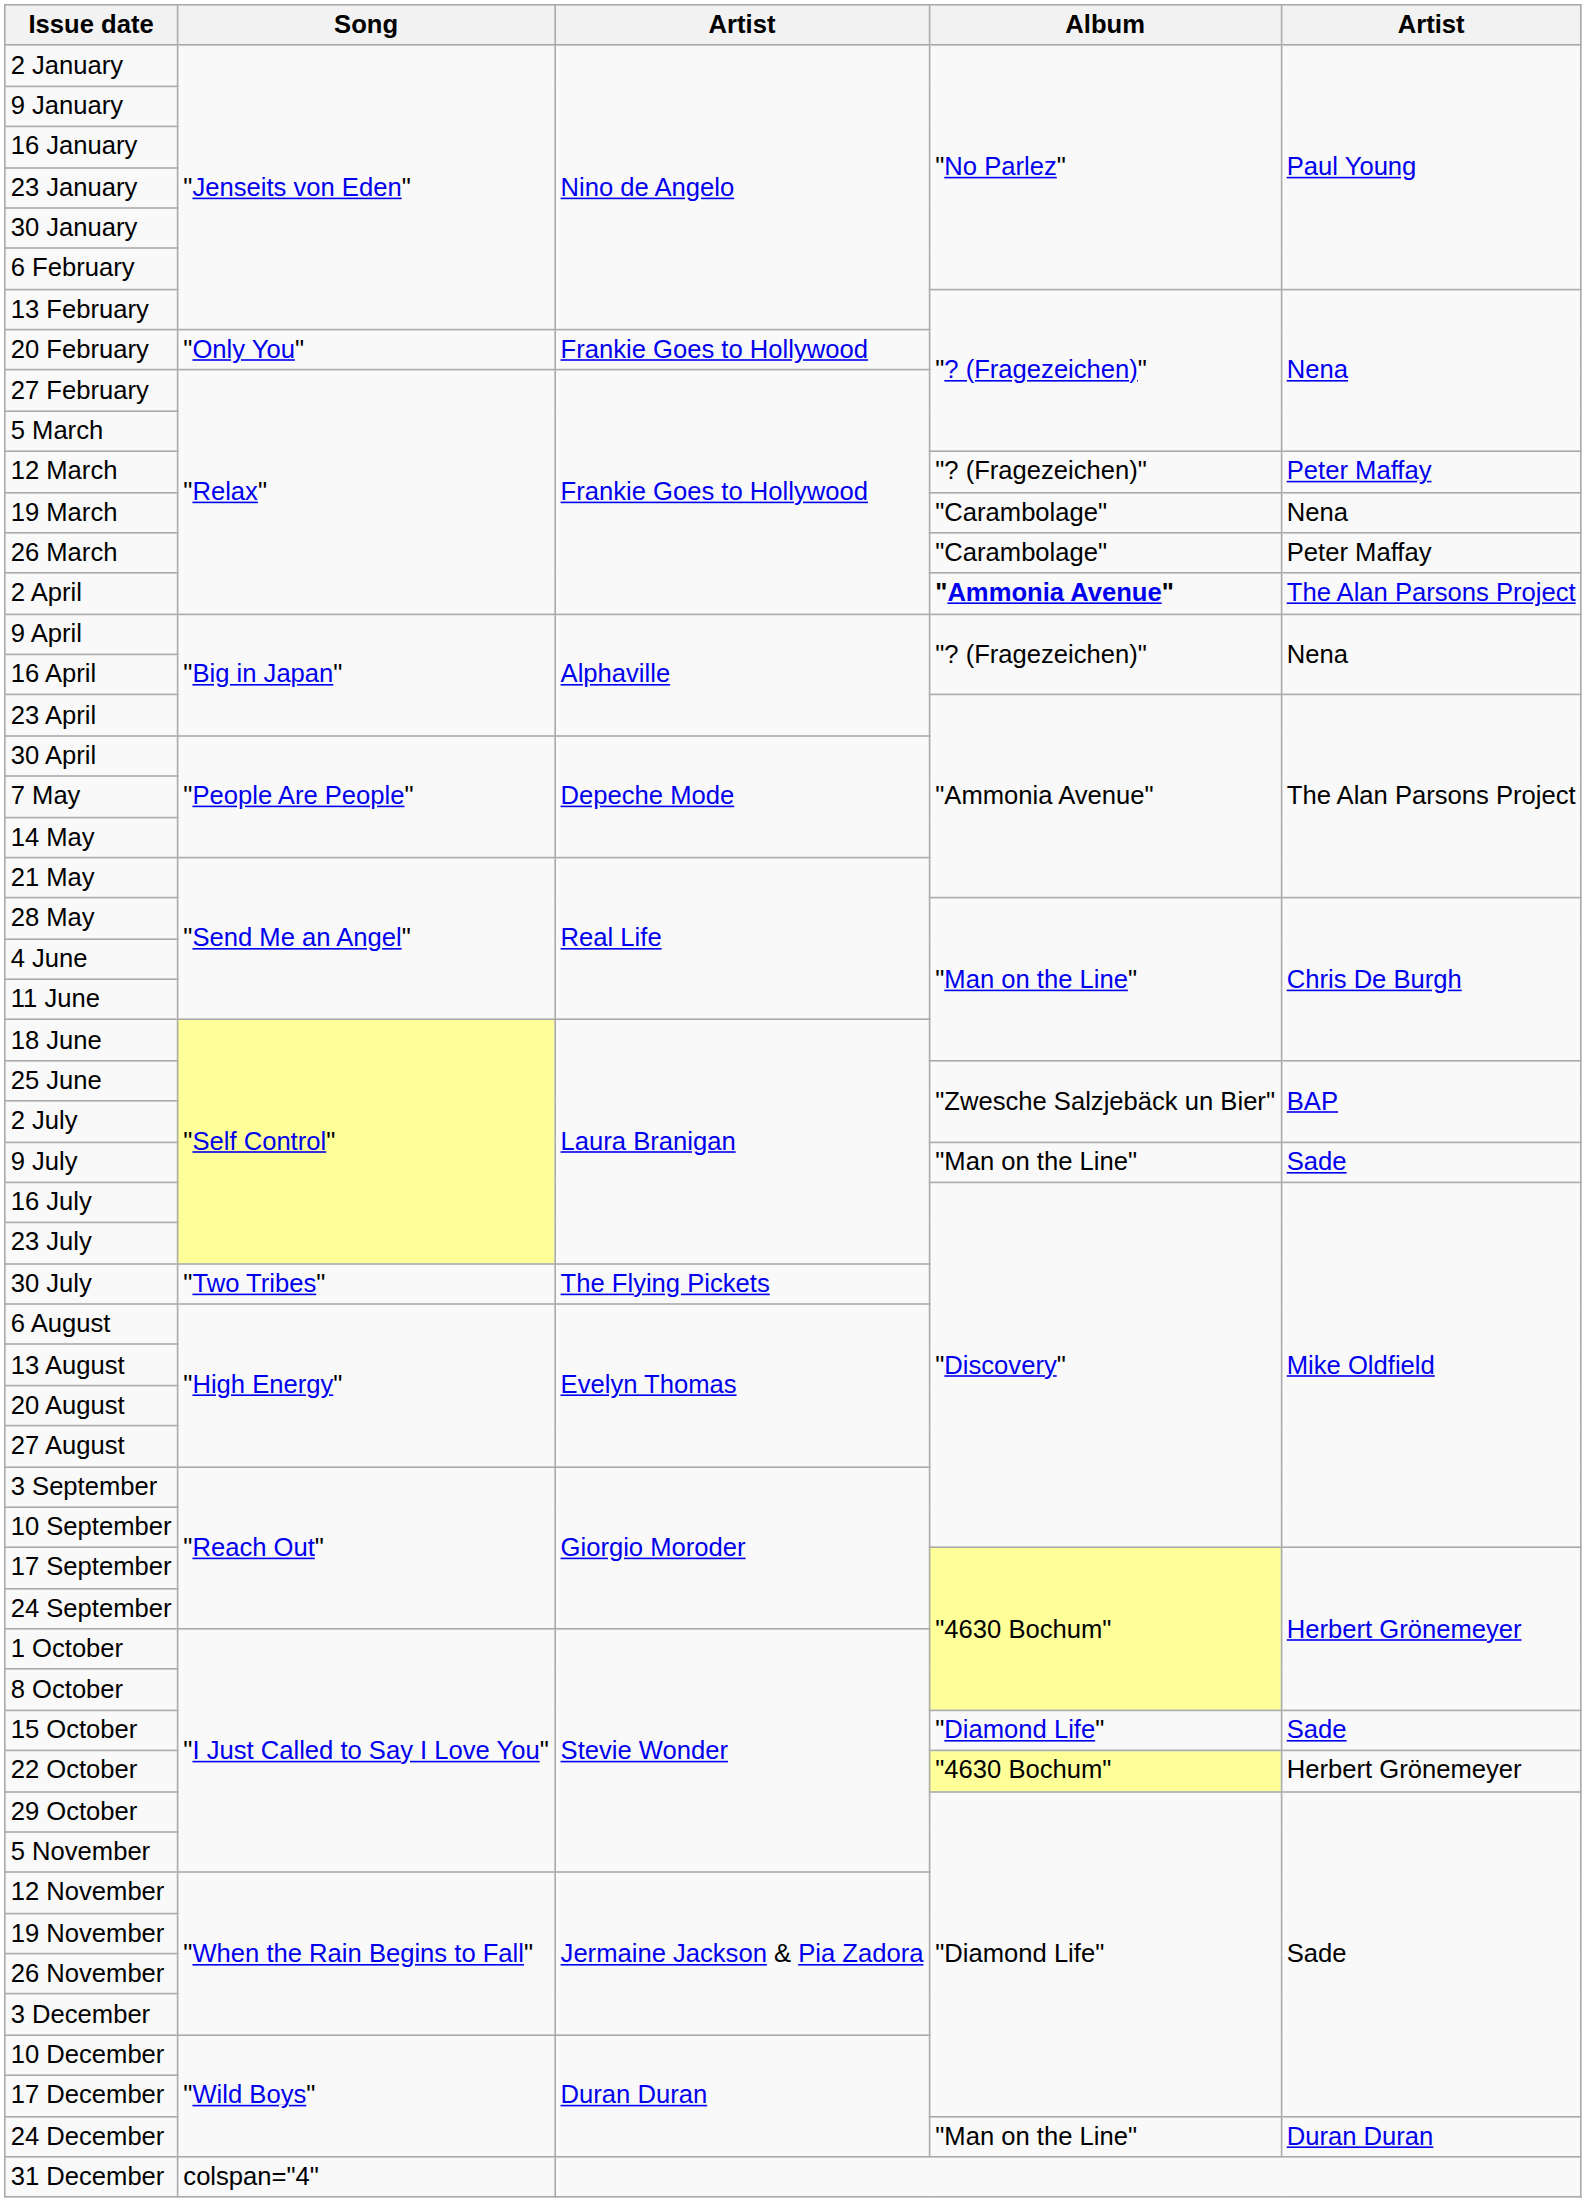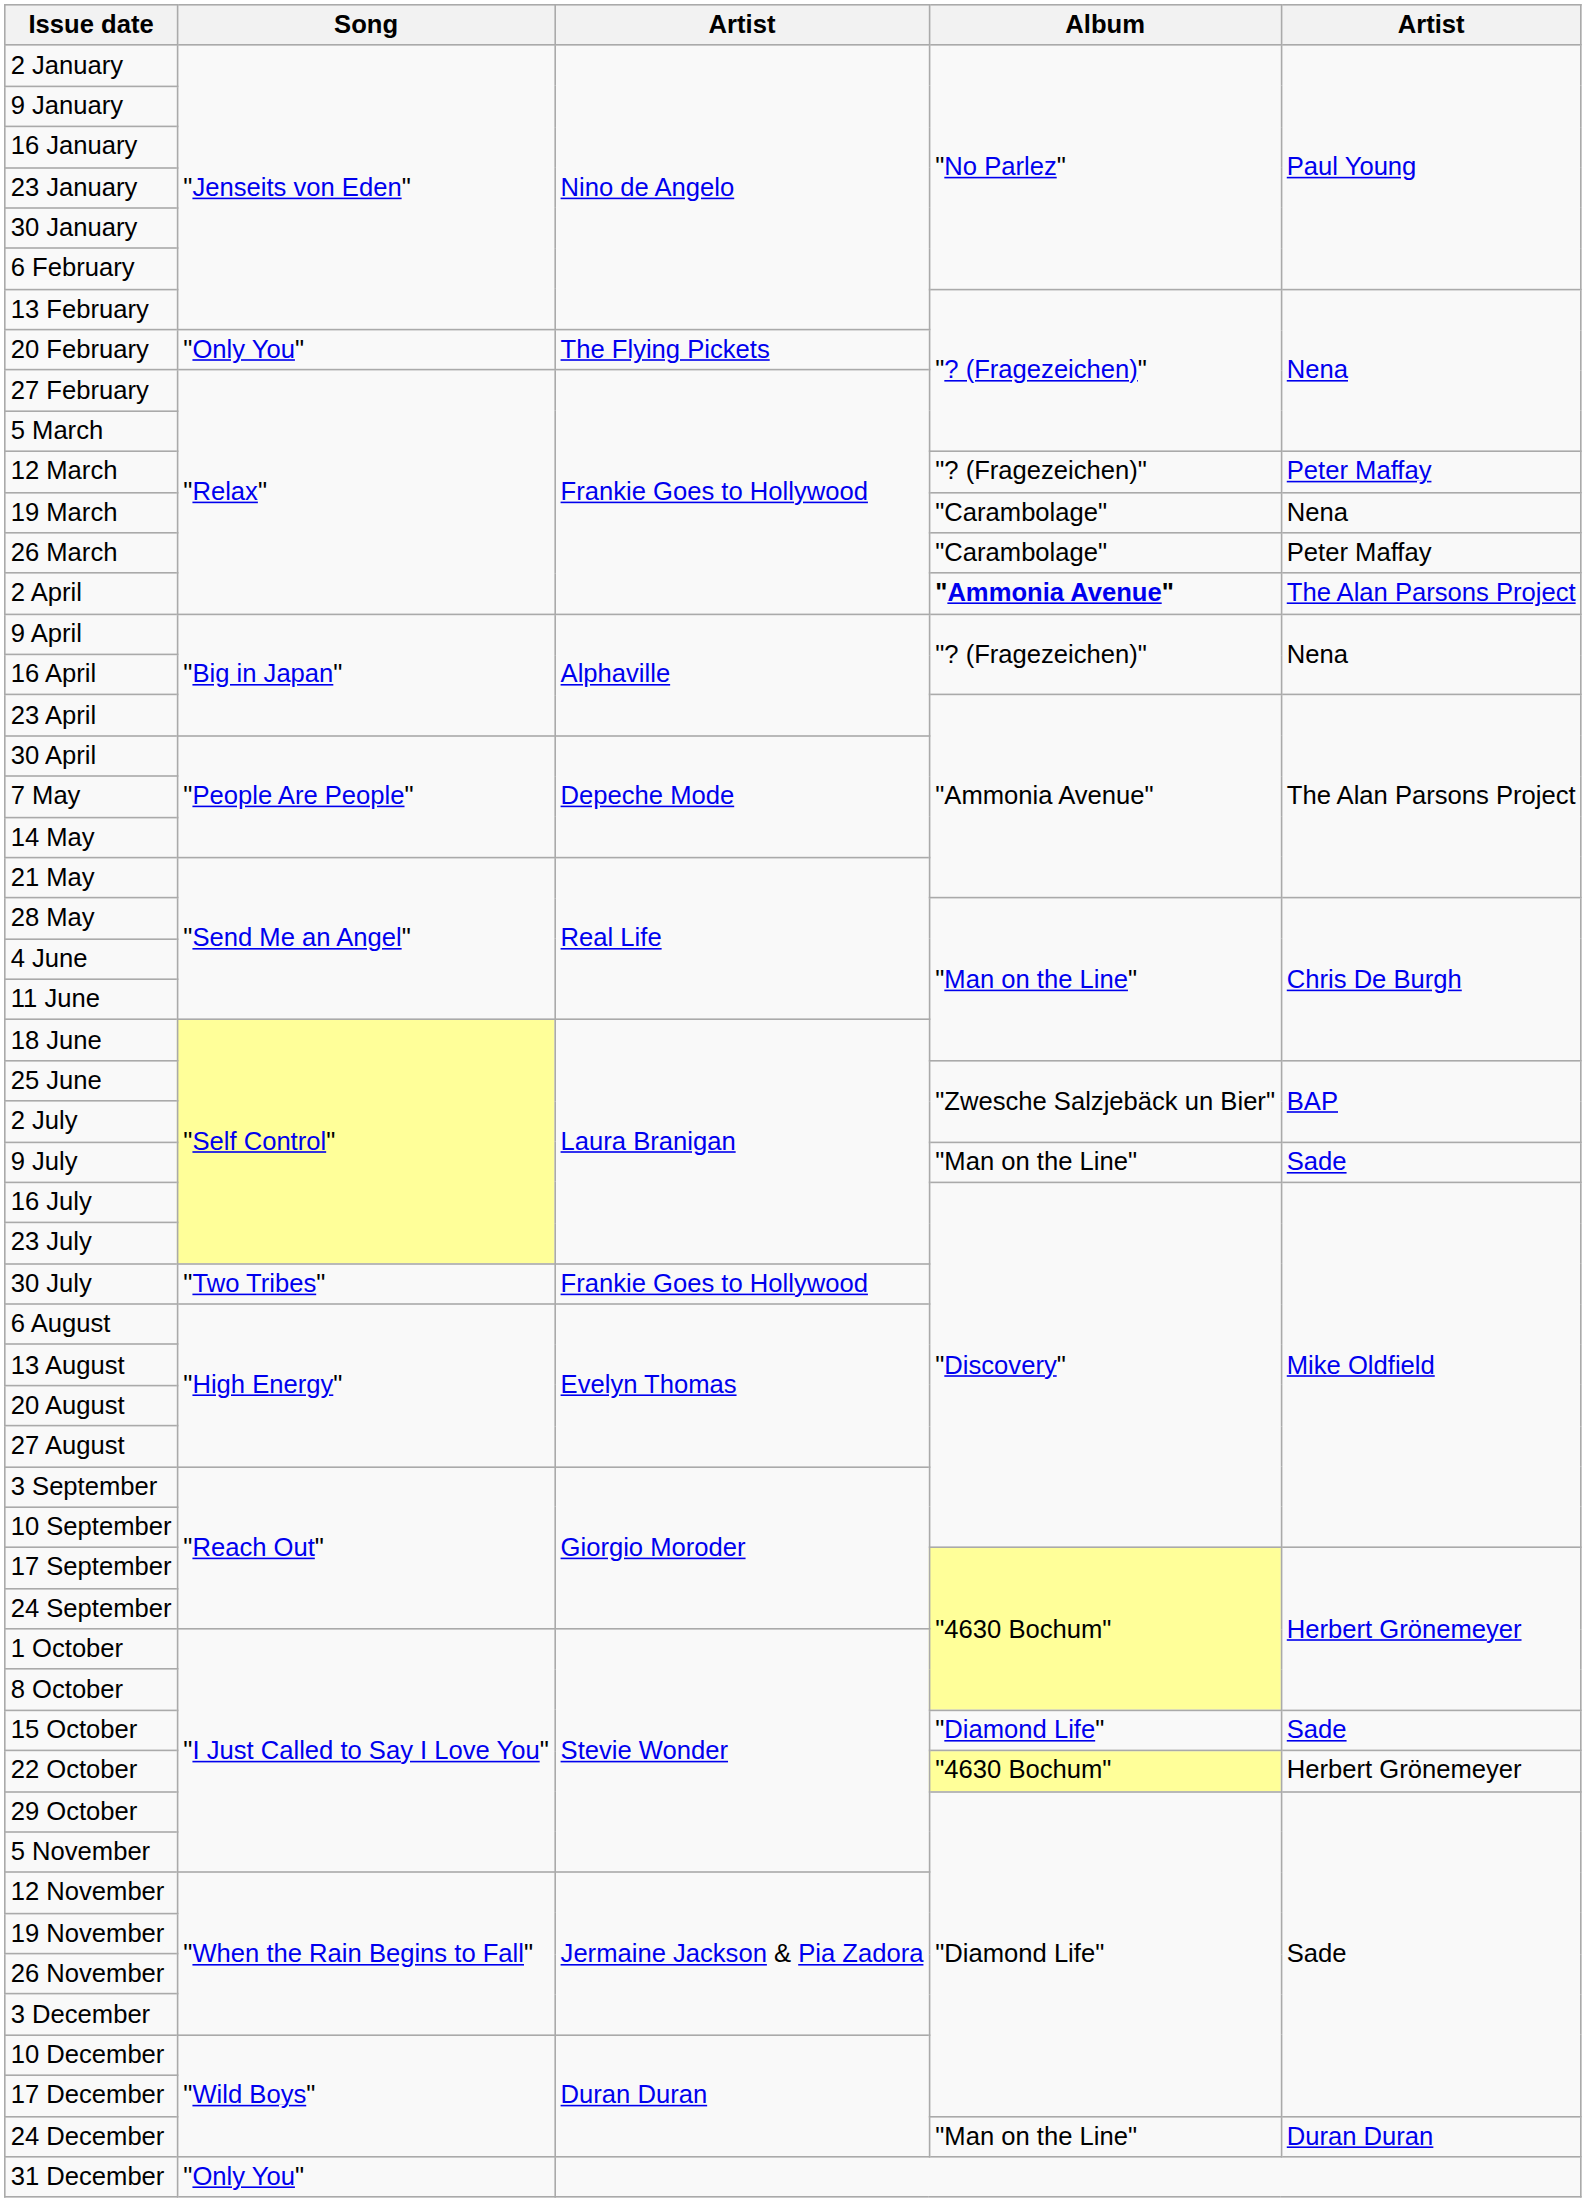 <table class="sortable wikitable">
 <tr>
 <th>Issue date</th>
 <th>Song</th>
 <th>Artist</th>
 <th>Album</th>
 <th>Artist</th>
 </tr>
 <tr>
 <td>2 January</td>
 <td rowspan="7">"<a href='#'>Jenseits von Eden</a>"</td>
 <td rowspan="7"><a href='#'>Nino de Angelo</a></td>
 <td rowspan="6">"<a href='#'>No Parlez</a>"</td>
 <td rowspan="6"><a href='#'>Paul Young</a></td>
 </tr>
 <tr>
 <td>9 January</td>
 </tr>
 <tr>
 <td>16 January</td>
 </tr>
 <tr>
 <td>23 January</td>
 </tr>
 <tr>
 <td>30 January</td>
 </tr>
 <tr>
 <td>6 February</td>
 </tr>
 <tr>
 <td>13 February</td>
 <td rowspan="4">"<a href='#'>? (Fragezeichen)</a>"</td>
 <td rowspan="4"><a href='#'>Nena</a></td>
 </tr>
 <tr>
 <td>20 February</td>
 <td>"<a href='#'>Only You</a>"</td>
-<td><a href='#'>Frankie Goes to Hollywood</a></td>
+<td><a href='#'>The Flying Pickets</a></td>
 </tr>
 <tr>
 <td>27 February</td>
 <td rowspan="6">"<a href='#'>Relax</a>"</td>
 <td rowspan="6"><a href='#'>Frankie Goes to Hollywood</a></td>
 </tr>
 <tr>
 <td>5 March</td>
 </tr>
 <tr>
 <td>12 March</td>
 <td>"? (Fragezeichen)"</td>
 <td><a href='#'>Peter Maffay</a></td>
 </tr>
 <tr>
 <td>19 March</td>
 <td>"Carambolage"</td>
 <td>Nena</td>
 </tr>
 <tr>
 <td>26 March</td>
 <td>"Carambolage"</td>
 <td>Peter Maffay</td>
 </tr>
 <tr>
 <td>2 April</td>
 <td><strong>"<a href='#'>Ammonia Avenue</a>"</strong></td>
 <td><a href='#'>The Alan Parsons Project</a></td>
 </tr>
 <tr>
 <td>9 April</td>
 <td rowspan="3">"<a href='#'>Big in Japan</a>"</td>
 <td rowspan="3"><a href='#'>Alphaville</a></td>
 <td rowspan="2">"? (Fragezeichen)"</td>
 <td rowspan="2">Nena</td>
 </tr>
 <tr>
 <td>16 April</td>
 </tr>
 <tr>
 <td>23 April</td>
 <td rowspan="5">"Ammonia Avenue"</td>
 <td rowspan="5">The Alan Parsons Project</td>
 </tr>
 <tr>
 <td>30 April</td>
 <td rowspan="3">"<a href='#'>People Are People</a>"</td>
 <td rowspan="3"><a href='#'>Depeche Mode</a></td>
 </tr>
 <tr>
 <td>7 May</td>
 </tr>
 <tr>
 <td>14 May</td>
 </tr>
 <tr>
 <td>21 May</td>
 <td rowspan="4">"<a href='#'>Send Me an Angel</a>"</td>
 <td rowspan="4"><a href='#'>Real Life</a></td>
 </tr>
 <tr>
 <td>28 May</td>
 <td rowspan="4">"<a href='#'>Man on the Line</a>"</td>
 <td rowspan="4"><a href='#'>Chris De Burgh</a></td>
 </tr>
 <tr>
 <td>4 June</td>
 </tr>
 <tr>
 <td>11 June</td>
 </tr>
 <tr>
 <td>18 June</td>
 <td bgcolor=#FFFF99 rowspan="6">"<a href='#'>Self Control</a>" </td>
 <td rowspan="6"><a href='#'>Laura Branigan</a></td>
 </tr>
 <tr>
 <td>25 June</td>
 <td rowspan="2">"Zwesche Salzjebäck un Bier"</td>
 <td rowspan="2"><a href='#'>BAP</a></td>
 </tr>
 <tr>
 <td>2 July</td>
 </tr>
 <tr>
 <td>9 July</td>
 <td>"Man on the Line"</td>
 <td><a href='#'>Sade</a></td>
 </tr>
 <tr>
 <td>16 July</td>
 <td rowspan="9">"<a href='#'>Discovery</a>"</td>
 <td rowspan="9"><a href='#'>Mike Oldfield</a></td>
 </tr>
 <tr>
 <td>23 July</td>
 </tr>
 <tr>
 <td>30 July</td>
 <td>"<a href='#'>Two Tribes</a>"</td>
-<td><a href='#'>The Flying Pickets</a></td>
+<td><a href='#'>Frankie Goes to Hollywood</a></td>
 </tr>
 <tr>
 <td>6 August</td>
 <td rowspan="4">"<a href='#'>High Energy</a>"</td>
 <td rowspan="4"><a href='#'>Evelyn Thomas</a></td>
 </tr>
 <tr>
 <td>13 August</td>
 </tr>
 <tr>
 <td>20 August</td>
 </tr>
 <tr>
 <td>27 August</td>
 </tr>
 <tr>
 <td>3 September</td>
 <td rowspan="4">"<a href='#'>Reach Out</a>"</td>
 <td rowspan="4"><a href='#'>Giorgio Moroder</a></td>
 </tr>
 <tr>
 <td>10 September</td>
 </tr>
 <tr>
 <td>17 September</td>
 <td bgcolor=#FFFF99 rowspan="4">"4630 Bochum" </td>
 <td rowspan="4"><a href='#'>Herbert Grönemeyer</a></td>
 </tr>
 <tr>
 <td>24 September</td>
 </tr>
 <tr>
 <td>1 October</td>
 <td rowspan="6">"<a href='#'>I Just Called to Say I Love You</a>"</td>
 <td rowspan="6"><a href='#'>Stevie Wonder</a></td>
 </tr>
 <tr>
 <td>8 October</td>
 </tr>
 <tr>
 <td>15 October</td>
 <td>"<a href='#'>Diamond Life</a>"</td>
 <td><a href='#'>Sade</a></td>
 </tr>
 <tr>
 <td>22 October</td>
 <td bgcolor=#FFFF99>"4630 Bochum" </td>
 <td>Herbert Grönemeyer</td>
 </tr>
 <tr>
 <td>29 October</td>
 <td rowspan="8">"Diamond Life"</td>
 <td rowspan="8">Sade</td>
 </tr>
 <tr>
 <td>5 November</td>
 </tr>
 <tr>
 <td>12 November</td>
 <td rowspan="4">"<a href='#'>When the Rain Begins to Fall</a>"</td>
 <td rowspan="4"><a href='#'>Jermaine Jackson</a> & <a href='#'>Pia Zadora</a></td>
 </tr>
 <tr>
 <td>19 November</td>
 </tr>
 <tr>
 <td>26 November</td>
 </tr>
 <tr>
 <td>3 December</td>
 </tr>
 <tr>
 <td>10 December</td>
 <td rowspan="3">"<a href='#'>Wild Boys</a>"</td>
 <td rowspan="3"><a href='#'>Duran Duran</a></td>
 </tr>
 <tr>
 <td>17 December</td>
 </tr>
 <tr>
 <td>24 December</td>
 <td>"Man on the Line"</td>
 <td><a href='#'>Duran Duran</a></td>
 </tr>
 <tr>
 <td>31 December</td>
-<td>colspan="4" </td>
+<td>"<a href='#'>Only You</a>"</td>
 </tr>
 </table>
